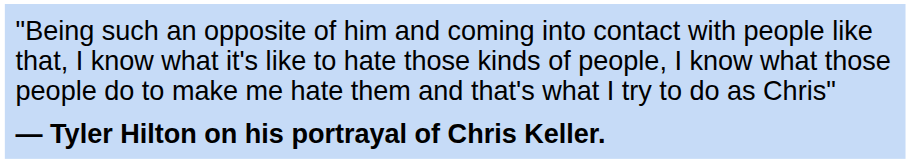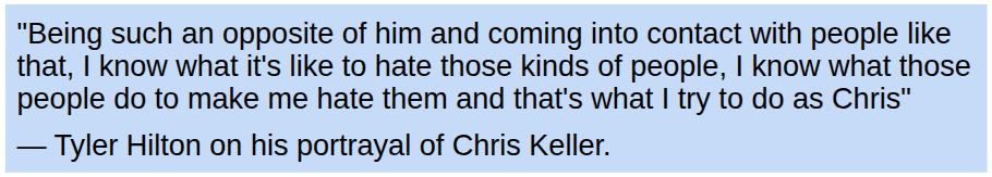 <table class="toccolours" style="float: right; margin-left: 1em; margin-right: 2em; font-size: 95%; background:#c6dbf7; color:black; width:35em; max-width: 40%;" cellspacing="5">
 <tr>
 <td style="text-align: left;">"Being such an opposite of him and coming into contact with people like that, I know what it's like to hate those kinds of people, I know what those people do to make me hate them and that's what I try to do as Chris"</td>
 </tr>
 <tr>
-<td style="text-align: left;"><strong>— Tyler Hilton on his portrayal of Chris Keller.</strong></td>
+<td style="text-align: left;">— Tyler Hilton on his portrayal of Chris Keller.</td>
 </tr>
 </table>
